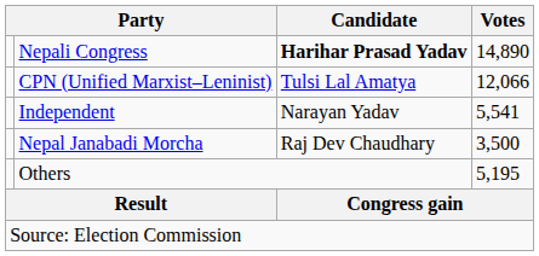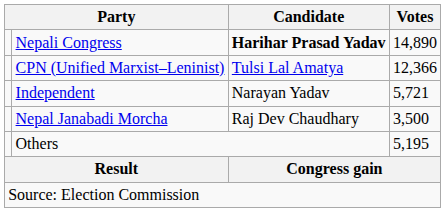 <table class="wikitable">
 <tr>
 <th colspan="2">Party</th>
 <th>Candidate</th>
 <th>Votes</th>
 </tr>
 <tr>
 <td style="background-color:"></td>
 <td><a href='#'>Nepali Congress</a></td>
 <td><strong>Harihar Prasad Yadav</strong></td>
 <td>14,890</td>
 </tr>
 <tr>
 <td style="background-color:"></td>
 <td><a href='#'>CPN (Unified Marxist–Leninist)</a></td>
 <td><a href='#'>Tulsi Lal Amatya</a></td>
-<td>12,066</td>
+<td>12,366</td>
 </tr>
 <tr>
 <td style="background-color:"></td>
 <td><a href='#'>Independent</a></td>
 <td>Narayan Yadav</td>
-<td>5,541</td>
+<td>5,721</td>
 </tr>
 <tr>
 <td></td>
 <td><a href='#'>Nepal Janabadi Morcha</a></td>
 <td>Raj Dev Chaudhary</td>
 <td>3,500</td>
 </tr>
 <tr>
 <td></td>
 <td colspan="2">Others</td>
 <td>5,195</td>
 </tr>
 <tr>
 <th colspan="2">Result</th>
 <th colspan="2">Congress gain</th>
 </tr>
 <tr>
 <td colspan="4">Source: Election Commission</td>
 </tr>
 </table>
